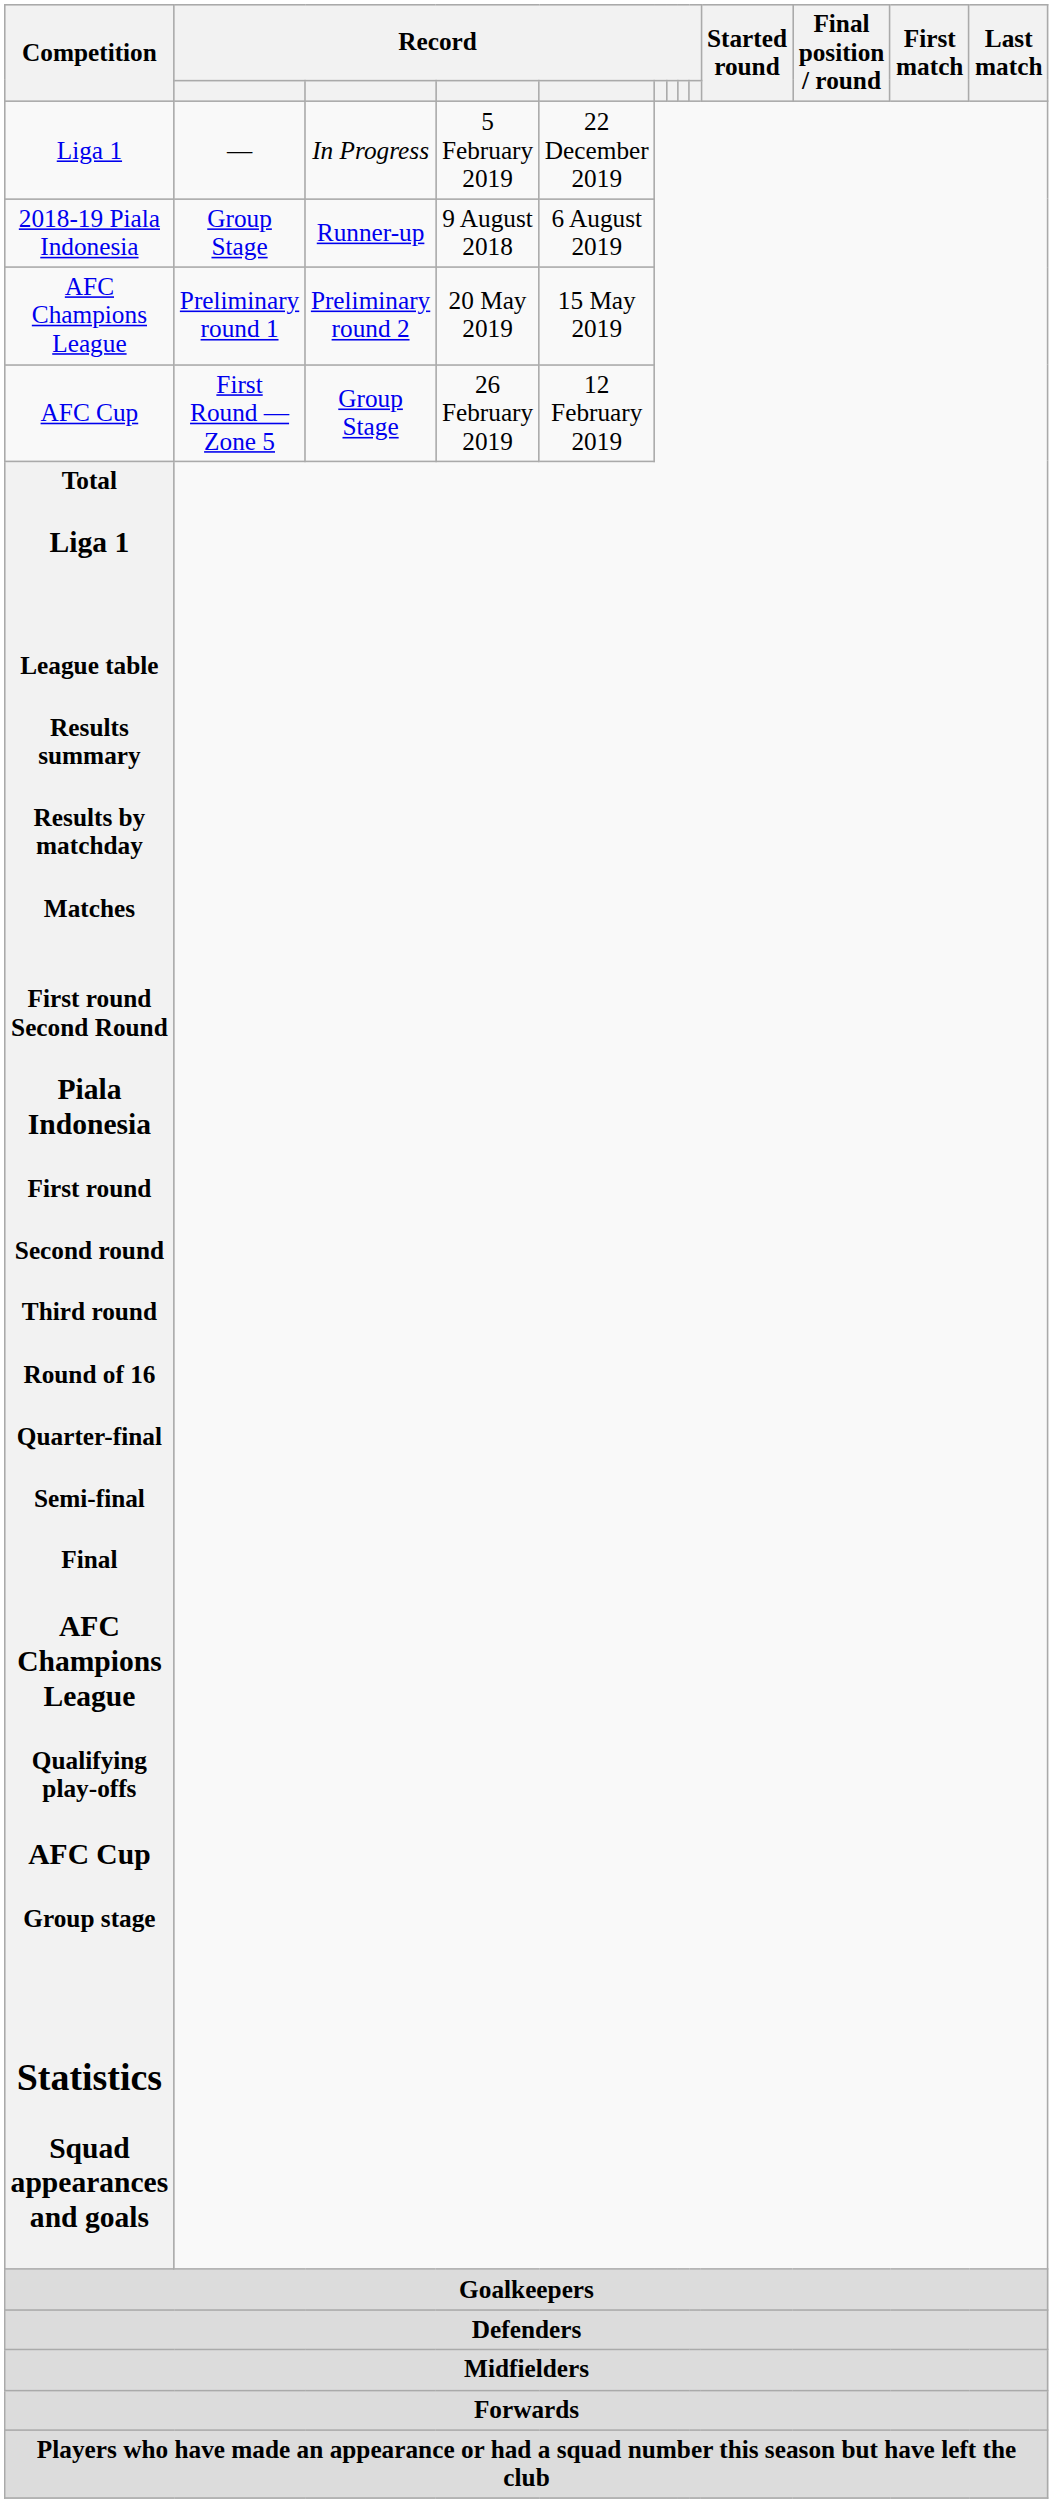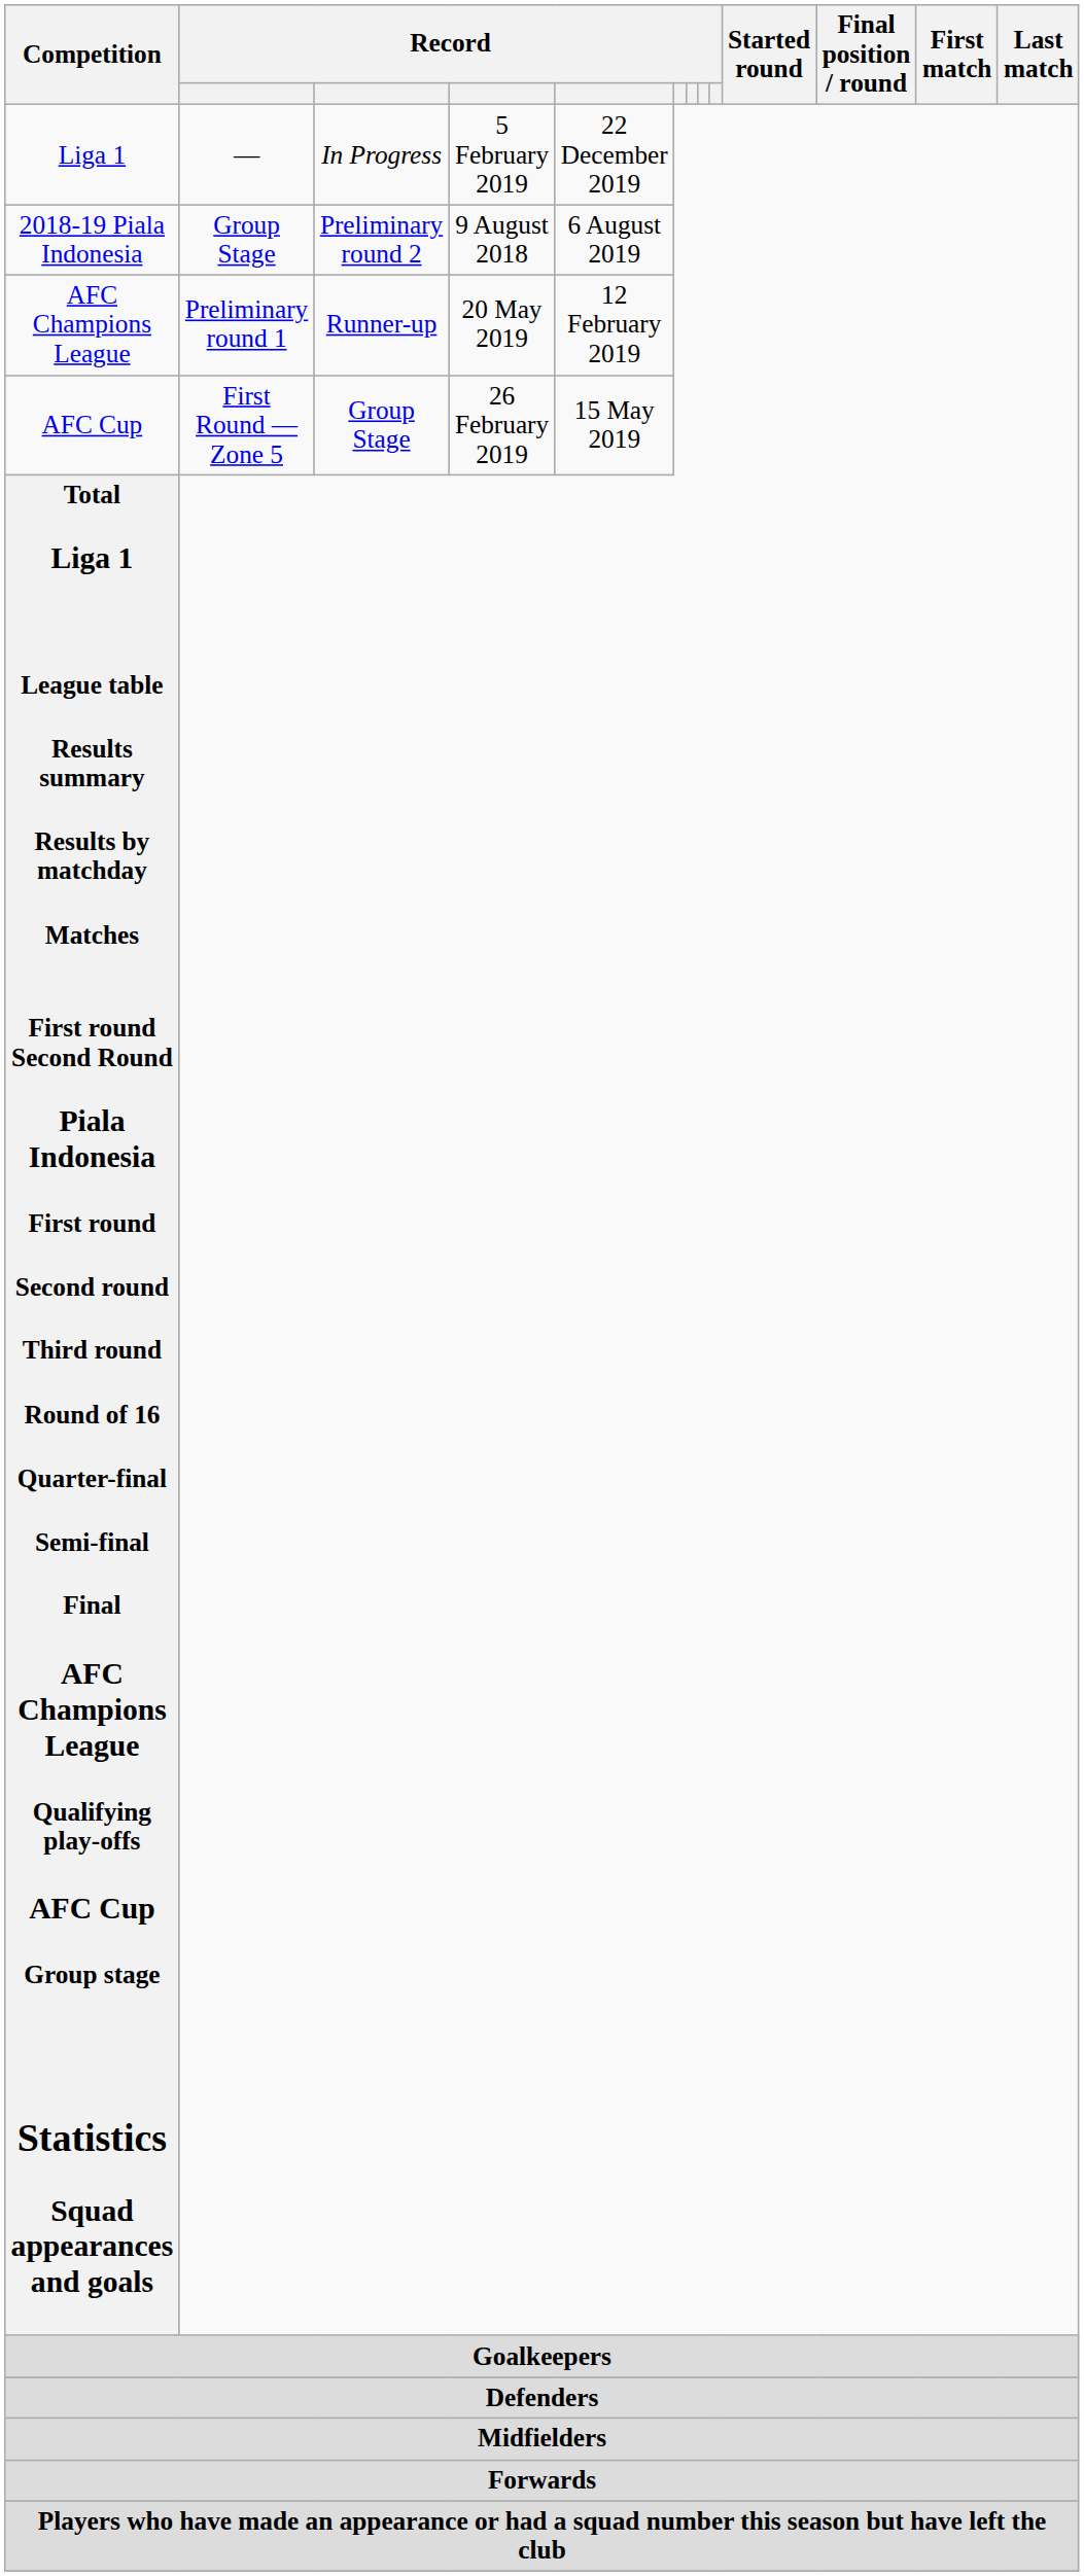 <table class="wikitable" style="text-align: center">
 <tr>
 <th rowspan=2>Competition</th>
 <th colspan=8>Record</th>
 <th rowspan=2>Started round</th>
 <th rowspan=2>Final position / round</th>
 <th rowspan=2>First match</th>
 <th rowspan=2>Last match</th>
 </tr>
 <tr>
 <th></th>
 <th></th>
 <th></th>
 <th></th>
 <th></th>
 <th></th>
 <th></th>
 <th></th>
 </tr>
 <tr>
 <td><a href='#'>Liga 1</a><br></td>
 <td>—</td>
 <td><em>In Progress</em></td>
 <td>5 February 2019</td>
 <td>22 December 2019</td>
 </tr>
 <tr>
 <td><a href='#'>2018-19 Piala Indonesia</a><br></td>
 <td><a href='#'>Group Stage</a></td>
-<td><a href='#'>Runner-up</a></td>
+<td><a href='#'>Preliminary round 2</a></td>
 <td>9 August 2018</td>
 <td>6 August 2019</td>
 </tr>
 <tr>
 <td><a href='#'>AFC Champions League</a><br></td>
 <td><a href='#'>Preliminary round 1</a></td>
-<td><a href='#'>Preliminary round 2</a></td>
+<td><a href='#'>Runner-up</a></td>
 <td>20 May 2019</td>
-<td>15 May 2019</td>
+<td>12 February 2019</td>
 </tr>
 <tr>
 <td><a href='#'>AFC Cup</a><br></td>
 <td><a href='#'>First Round — Zone 5</a></td>
 <td><a href='#'>Group Stage</a></td>
 <td>26 February 2019</td>
-<td>12 February 2019</td>
+<td>15 May 2019</td>
 </tr>
 <tr>
 <th>Total<br> <h3>Liga 1</h3><br><h4>League table</h4><h4>Results summary</h4> <h4>Results by matchday</h4><h4>Matches</h4>  <br><strong>First round</strong>                  <br><strong>Second Round</strong>                     <h3>Piala Indonesia</h3><h4>First round</h4><h4>Second round</h4><h4>Third round</h4> <h4>Round of 16</h4> <h4>Quarter-final</h4> <h4>Semi-final</h4> <h4>Final</h4>  <h3>AFC Champions League</h3><h4>Qualifying play-offs</h4>  <h3>AFC Cup</h3><h4>Group stage</h4> <br>  <br>     <h2>Statistics</h2><h3>Squad appearances and goals</h3></th>
 </tr>
 <tr>
 <th colspan=14 style=background:#dcdcdc; text-align:center>Goalkeepers<br>   </th>
 </tr>
 <tr>
 <th colspan=14 style=background:#dcdcdc; text-align:center>Defenders<br>         </th>
 </tr>
 <tr>
 <th colspan=14 style=background:#dcdcdc; text-align:center>Midfielders<br>        </th>
 </tr>
 <tr>
 <th colspan=14 style=background:#dcdcdc; text-align:center>Forwards<br>      </th>
 </tr>
 <tr 1>
 <th colspan=14 style=background:#dcdcdc; text-align:center>Players who have made an appearance or had a squad number this season but have left the club<br>                 </th>
 </tr>
 </table>
